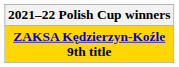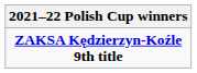 <table class=wikitable style="text-align:center; margin:auto">
 <tr>
 <th>2021–22 Polish Cup winners</th>
 </tr>
 <tr>
-<td style="background: gold;"><strong><a href='#'>ZAKSA Kędzierzyn-Koźle</a></strong><br><strong>9th title</strong></td>
+<td><strong><a href='#'>ZAKSA Kędzierzyn-Koźle</a></strong><br><strong>9th title</strong></td>
 </tr>
 </table>
